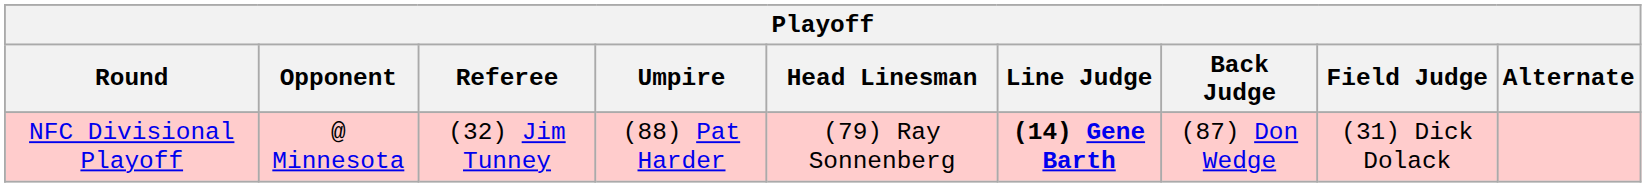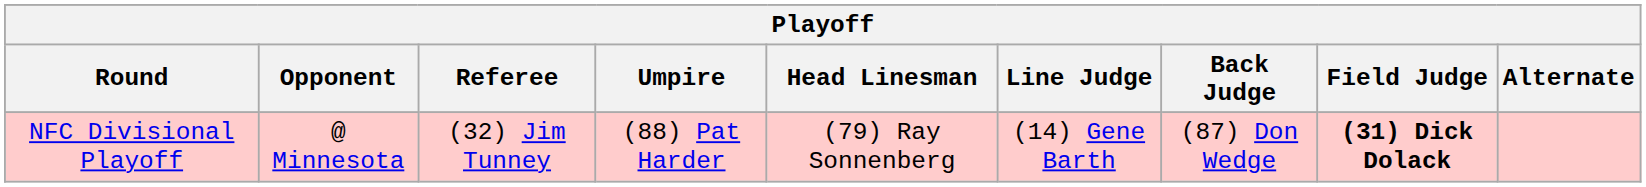 <table class="wikitable" style="text-align:center">
 <tr>
 <th colspan="9">Playoff</th>
 </tr>
 <tr>
 <th>Round</th>
 <th>Opponent</th>
 <th>Referee</th>
 <th>Umpire</th>
 <th>Head Linesman</th>
 <th>Line Judge</th>
 <th>Back Judge</th>
 <th>Field Judge</th>
 <th>Alternate</th>
 </tr>
 <tr style="background:#fcc">
 <td><a href='#'>NFC Divisional Playoff</a></td>
 <td>@ <a href='#'>Minnesota</a></td>
 <td>(32) <a href='#'>Jim Tunney</a></td>
 <td>(88) <a href='#'>Pat Harder</a></td>
 <td>(79) Ray Sonnenberg</td>
-<td><strong>(14) <a href='#'>Gene Barth</a></strong></td>
+<td>(14) <a href='#'>Gene Barth</a></td>
 <td>(87) <a href='#'>Don Wedge</a></td>
-<td>(31) Dick Dolack</td>
+<td><strong>(31) Dick Dolack</strong></td>
 <td></td>
 </tr>
 </table>
